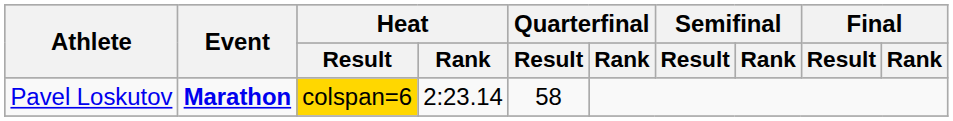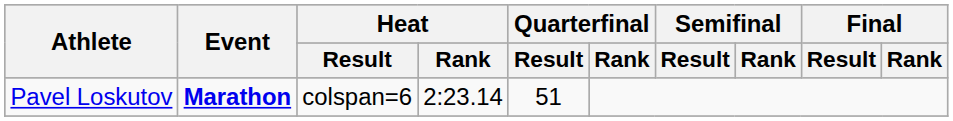 <table class="wikitable" style="font-size:90%">
 <tr>
 <th rowspan="2">Athlete</th>
 <th rowspan="2">Event</th>
 <th colspan="2">Heat</th>
 <th colspan="2">Quarterfinal</th>
 <th colspan="2">Semifinal</th>
 <th colspan="2">Final</th>
 </tr>
 <tr style="font-size:95%">
 <th>Result</th>
 <th>Rank</th>
 <th>Result</th>
 <th>Rank</th>
 <th>Result</th>
 <th>Rank</th>
 <th>Result</th>
 <th>Rank</th>
 </tr>
 <tr align=center>
 <td align=left rowspan=1><a href='#'>Pavel Loskutov</a></td>
 <td align=left><strong><a href='#'>Marathon</a></strong></td>
-<td style="background: gold;">colspan=6 </td>
+<td>colspan=6 </td>
 <td>2:23.14</td>
-<td>58</td>
+<td>51</td>
 </tr>
 </table>
